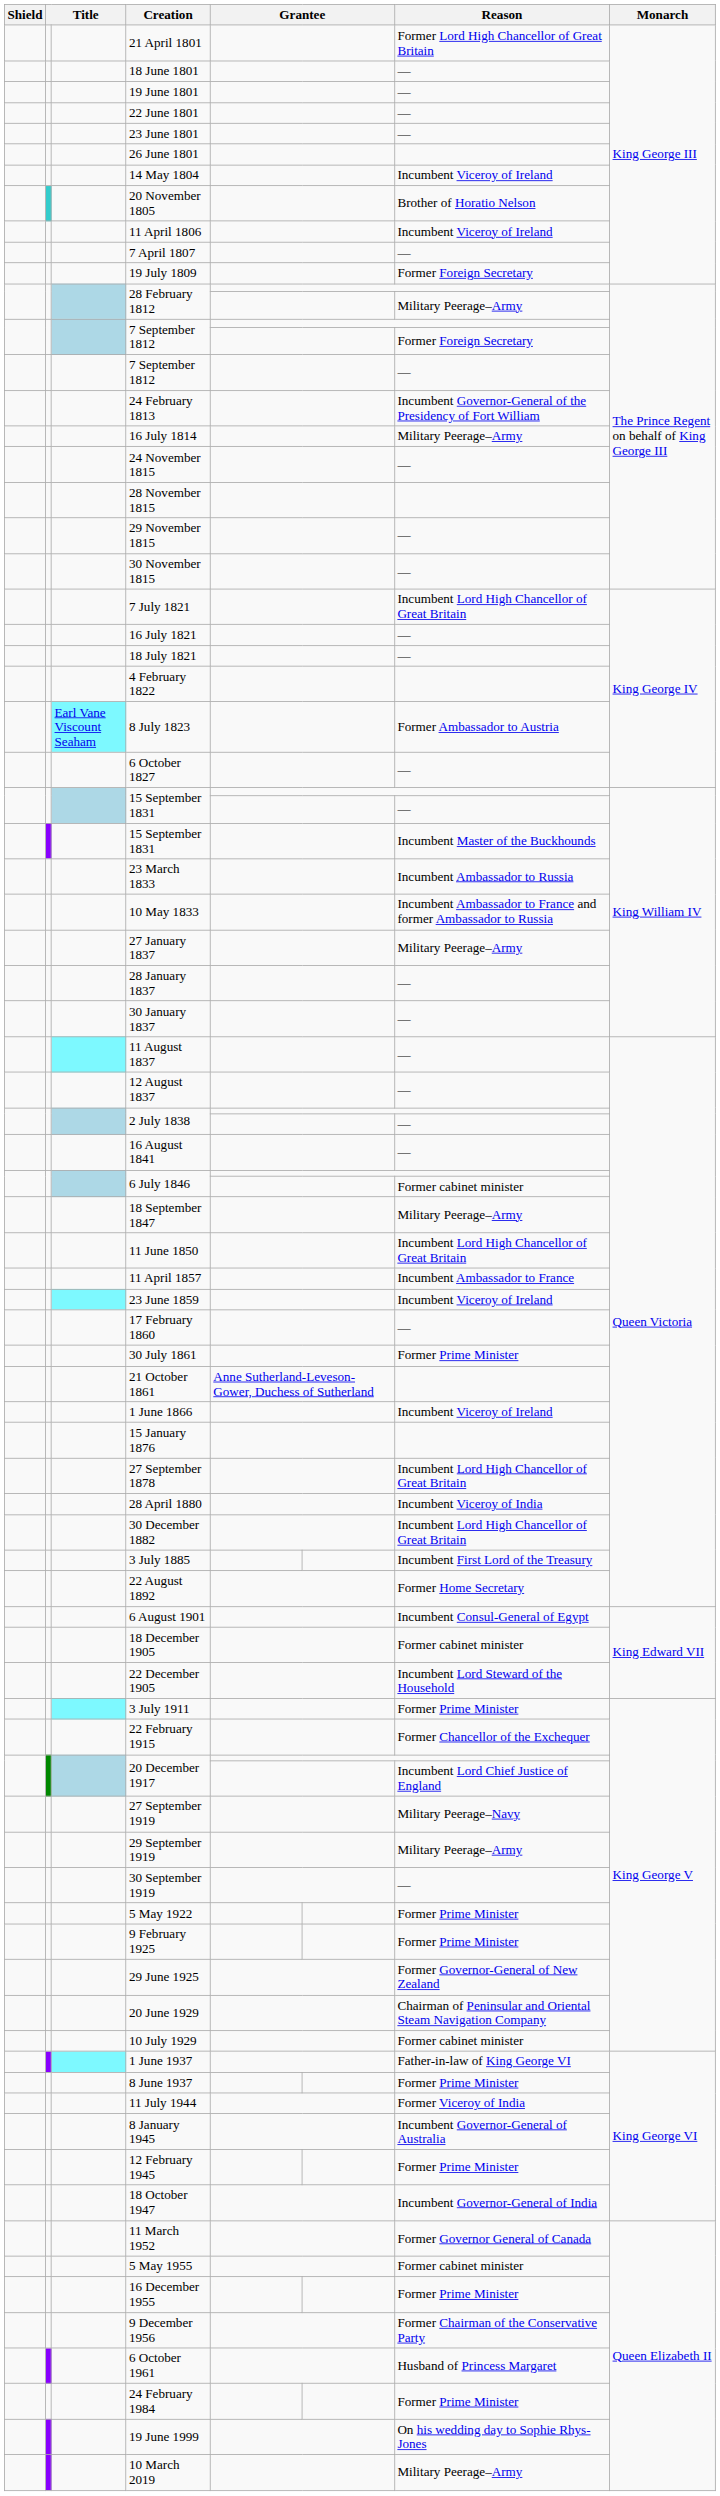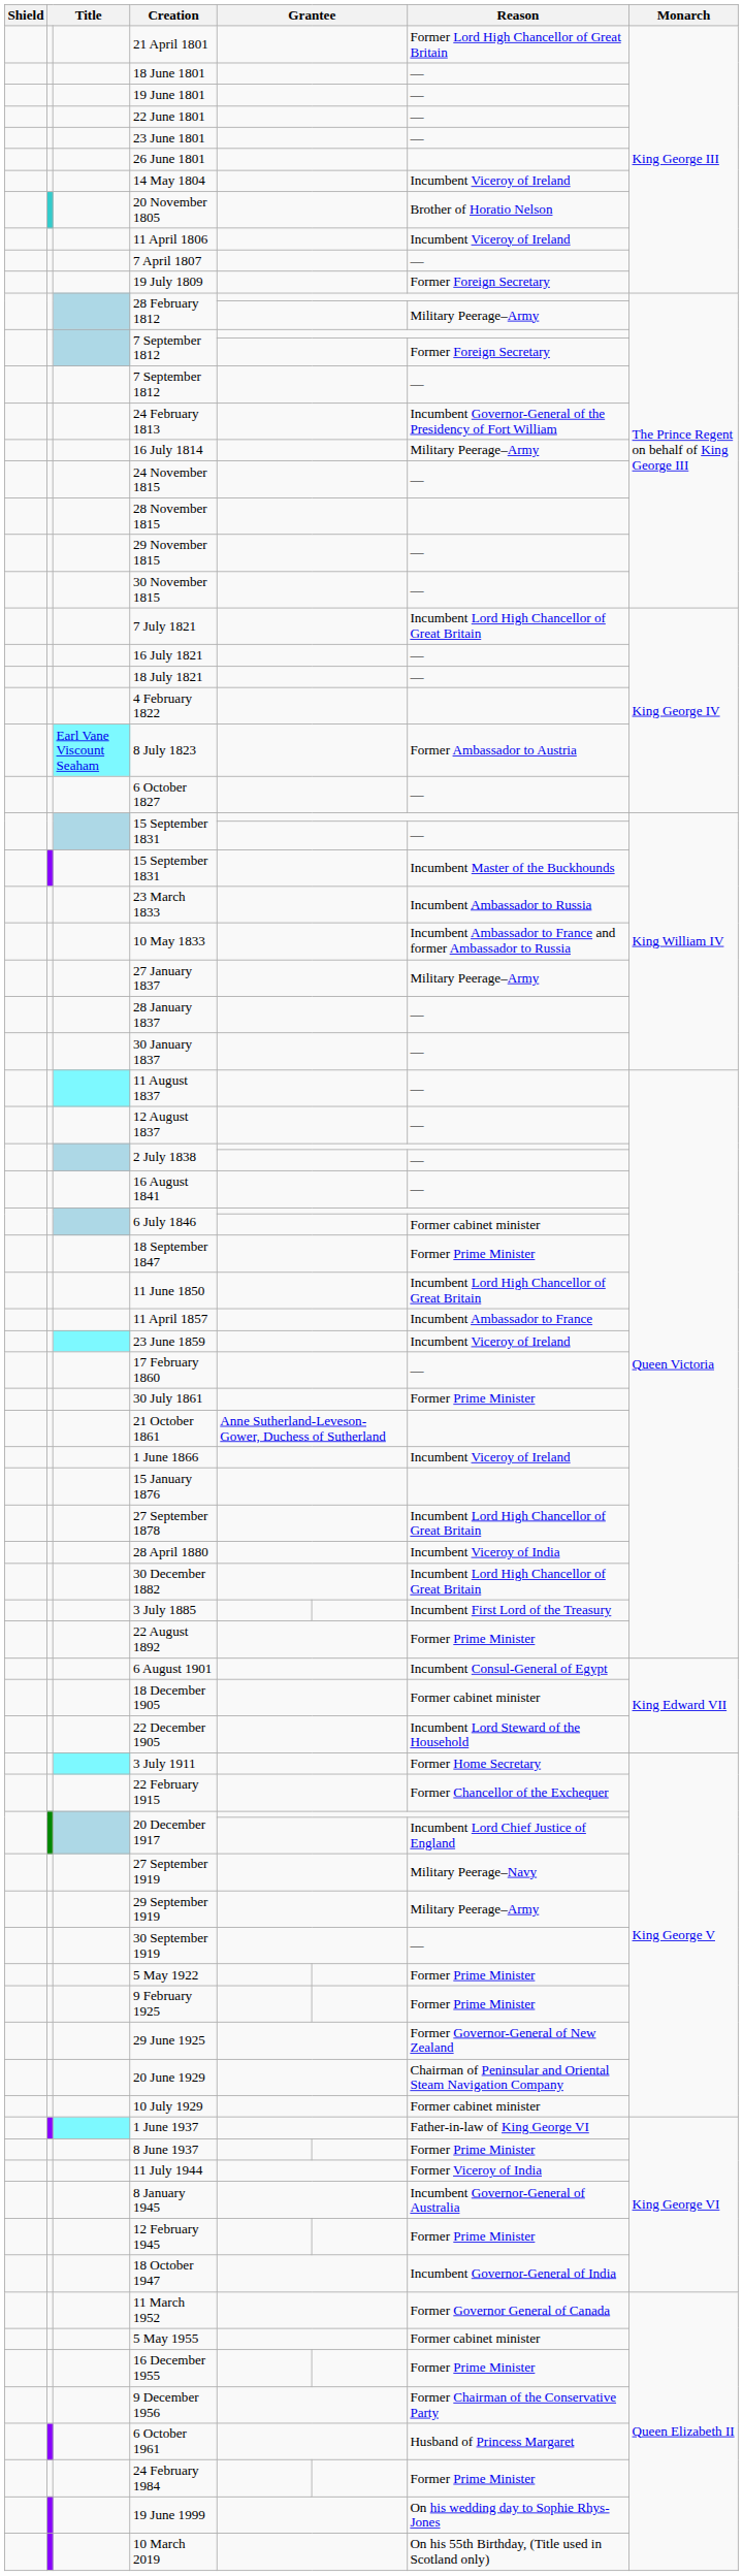 <table class="wikitable sortable">
 <tr>
 <th>Shield</th>
 <th colspan=2>Title</th>
 <th>Creation</th>
 <th colspan=2>Grantee</th>
 <th>Reason</th>
 <th>Monarch</th>
 </tr>
 <tr>
 <td align=center><br></td>
 <td style="background-color:"></td>
 <td></td>
 <td>21 April 1801</td>
 <td colspan=2></td>
 <td>Former <a href='#'>Lord High Chancellor of Great Britain</a></td>
 <td rowspan=11><a href='#'>King George III</a></td>
 </tr>
 <tr>
 <td align=center><br></td>
 <td style="background-color:"></td>
 <td></td>
 <td>18 June 1801</td>
 <td colspan=2></td>
 <td>—</td>
 </tr>
 <tr>
 <td align=center><br></td>
 <td style="background-color:"></td>
 <td></td>
 <td>19 June 1801</td>
 <td colspan=2></td>
 <td>—</td>
 </tr>
 <tr>
 <td align=center><br></td>
 <td style="background-color:"></td>
 <td></td>
 <td>22 June 1801</td>
 <td colspan=2></td>
 <td>—</td>
 </tr>
 <tr>
 <td align=center><br></td>
 <td style="background-color:"></td>
 <td></td>
 <td>23 June 1801</td>
 <td colspan=2></td>
 <td>—</td>
 </tr>
 <tr>
 <td align=center><br></td>
 <td style="background-color:"></td>
 <td></td>
 <td>26 June 1801</td>
 <td colspan=2></td>
 <td></td>
 </tr>
 <tr>
 <td align=center><br></td>
 <td style="background-color:"></td>
 <td></td>
 <td>14 May 1804</td>
 <td colspan=2></td>
 <td>Incumbent <a href='#'>Viceroy of Ireland</a></td>
 </tr>
 <tr>
 <td align=center><br></td>
 <td style="background-color:#33CCCC"></td>
 <td data-sort-value="Earl of Nelson"></td>
 <td>20 November 1805</td>
 <td colspan=2></td>
 <td>Brother of <a href='#'>Horatio Nelson</a></td>
 </tr>
 <tr>
 <td align=center><br></td>
 <td style="background-color:"></td>
 <td data-sort-value="Earl of Grey"></td>
 <td>11 April 1806</td>
 <td colspan=2></td>
 <td>Incumbent <a href='#'>Viceroy of Ireland</a></td>
 </tr>
 <tr>
 <td align=center><br></td>
 <td style="background-color:"></td>
 <td></td>
 <td>7 April 1807</td>
 <td colspan=2></td>
 <td>—</td>
 </tr>
 <tr>
 <td align=center><br></td>
 <td style="background-color:"></td>
 <td></td>
 <td>19 July 1809</td>
 <td colspan=2></td>
 <td>Former <a href='#'>Foreign Secretary</a></td>
 </tr>
 <tr>
 <td rowspan=2 align=center></td>
 <td rowspan=2 style="background-color:"></td>
 <td style="background:#ADD8E6" rowspan=2></td>
 <td rowspan=2>28 February 1812</td>
 <td colspan=3></td>
 <td rowspan=11><a href='#'>The Prince Regent</a><br>on behalf of <a href='#'>King George III</a></td>
 </tr>
 <tr>
 <td colspan=2></td>
 <td>Military Peerage–<a href='#'>Army</a></td>
 </tr>
 <tr>
 <td rowspan=2 align=center></td>
 <td rowspan=2 style="background-color:"></td>
 <td style="background:#ADD8E6" rowspan=2></td>
 <td rowspan=2>7 September 1812</td>
 <td colspan=3></td>
 </tr>
 <tr>
 <td colspan=2></td>
 <td>Former <a href='#'>Foreign Secretary</a></td>
 </tr>
 <tr>
 <td align=center><br></td>
 <td style="background-color:"></td>
 <td></td>
 <td>7 September 1812</td>
 <td colspan=2></td>
 <td>—</td>
 </tr>
 <tr>
 <td align=center><br></td>
 <td style="background-color:"></td>
 <td></td>
 <td>24 February 1813</td>
 <td colspan=2></td>
 <td>Incumbent <a href='#'>Governor-General of the Presidency of Fort William</a></td>
 </tr>
 <tr>
 <td align=center><br></td>
 <td style="background-color:"></td>
 <td data-sort-value="Earl of Cathcart"></td>
 <td>16 July 1814</td>
 <td colspan=2></td>
 <td>Military Peerage–<a href='#'>Army</a></td>
 </tr>
 <tr>
 <td align=center><br></td>
 <td style="background-color:"></td>
 <td></td>
 <td>24 November 1815</td>
 <td colspan=2></td>
 <td>—</td>
 </tr>
 <tr>
 <td align=center><br></td>
 <td style="background-color:"></td>
 <td></td>
 <td>28 November 1815</td>
 <td colspan=2></td>
 <td></td>
 </tr>
 <tr>
 <td align=center><br></td>
 <td style="background-color:"></td>
 <td></td>
 <td>29 November 1815</td>
 <td colspan=2></td>
 <td>—</td>
 </tr>
 <tr>
 <td align=center><br></td>
 <td style="background-color:"></td>
 <td></td>
 <td>30 November 1815</td>
 <td colspan=2></td>
 <td>—</td>
 </tr>
 <tr>
 <td align=center><br></td>
 <td style="background-color:"></td>
 <td></td>
 <td>7 July 1821</td>
 <td colspan=2></td>
 <td>Incumbent <a href='#'>Lord High Chancellor of Great Britain</a></td>
 <td rowspan=6><a href='#'>King George IV</a></td>
 </tr>
 <tr>
 <td align=center><br></td>
 <td style="background-color:"></td>
 <td data-sort-value="Earl of Howe"></td>
 <td>16 July 1821</td>
 <td colspan=2></td>
 <td>—</td>
 </tr>
 <tr>
 <td align=center><br></td>
 <td style="background-color:"></td>
 <td></td>
 <td>18 July 1821</td>
 <td colspan=2></td>
 <td>—</td>
 </tr>
 <tr>
 <td align=center><br></td>
 <td style="background-color:"></td>
 <td></td>
 <td>4 February 1822</td>
 <td colspan=2></td>
 <td></td>
 </tr>
 <tr>
 <td align=center></td>
 <td style="background-color:"></td>
 <td style="background:#7DF9FF"><a href='#'>Earl Vane</a><br><a href='#'>Viscount Seaham</a></td>
 <td>8 July 1823</td>
 <td colspan=2></td>
 <td>Former <a href='#'>Ambassador to Austria</a></td>
 </tr>
 <tr>
 <td align=center><br></td>
 <td style="background-color:"></td>
 <td data-sort-value="Earl of Cawdor"></td>
 <td>6 October 1827</td>
 <td colspan=2></td>
 <td>—</td>
 </tr>
 <tr>
 <td rowspan=2 align=center></td>
 <td rowspan=2 style="background-color:"></td>
 <td style="background:#ADD8E6" rowspan=2></td>
 <td rowspan=2>15 September 1831</td>
 <td colspan=3></td>
 <td rowspan=8><a href='#'>King William IV</a></td>
 </tr>
 <tr>
 <td colspan=2></td>
 <td>—</td>
 </tr>
 <tr>
 <td align=center><br></td>
 <td style="background-color:#8800FF"></td>
 <td></td>
 <td>15 September 1831</td>
 <td colspan=2></td>
 <td>Incumbent <a href='#'>Master of the Buckhounds</a></td>
 </tr>
 <tr>
 <td align=center><br></td>
 <td style="background-color:"></td>
 <td></td>
 <td>23 March 1833</td>
 <td colspan=2></td>
 <td>Incumbent <a href='#'>Ambassador to Russia</a></td>
 </tr>
 <tr>
 <td align=center><br></td>
 <td style="background-color:"></td>
 <td data-sort-value="Earl of Granville"></td>
 <td>10 May 1833</td>
 <td colspan=2></td>
 <td>Incumbent <a href='#'>Ambassador to France</a> and former <a href='#'>Ambassador to Russia</a></td>
 </tr>
 <tr>
 <td align=center><br></td>
 <td style="background-color:"></td>
 <td></td>
 <td>27 January 1837</td>
 <td colspan=2></td>
 <td>Military Peerage–<a href='#'>Army</a></td>
 </tr>
 <tr>
 <td align=center><br></td>
 <td style="background-color:"></td>
 <td></td>
 <td>28 January 1837</td>
 <td colspan=2></td>
 <td>—</td>
 </tr>
 <tr>
 <td align=center><br></td>
 <td style="background-color:"></td>
 <td></td>
 <td>30 January 1837</td>
 <td colspan=2></td>
 <td>—</td>
 </tr>
 <tr>
 <td align=center></td>
 <td style="background-color:"></td>
 <td style="background:#7DF9FF"data-sort-value="Earl of Innes"></td>
 <td>11 August 1837</td>
 <td colspan=2></td>
 <td>—</td>
 <td rowspan=21><a href='#'>Queen Victoria</a></td>
 </tr>
 <tr>
 <td align=center><br></td>
 <td style="background-color:"></td>
 <td></td>
 <td>12 August 1837</td>
 <td colspan=2></td>
 <td>—</td>
 </tr>
 <tr>
 <td rowspan=2 align=center></td>
 <td rowspan=2 style="background-color:"></td>
 <td style="background:#ADD8E6" rowspan=2></td>
 <td rowspan=2>2 July 1838</td>
 <td colspan=3></td>
 </tr>
 <tr>
 <td colspan=2></td>
 <td>—</td>
 </tr>
 <tr>
 <td align=center><br></td>
 <td style="background-color:"></td>
 <td></td>
 <td>16 August 1841</td>
 <td colspan=2></td>
 <td>—</td>
 </tr>
 <tr>
 <td rowspan=2 align=center></td>
 <td rowspan=2 style="background-color:"></td>
 <td style="background:#ADD8E6" rowspan=2></td>
 <td rowspan=2>6 July 1846</td>
 <td colspan=3></td>
 </tr>
 <tr>
 <td colspan=2></td>
 <td>Former cabinet minister</td>
 </tr>
 <tr>
 <td align=center><br></td>
 <td style="background-color:"></td>
 <td></td>
 <td>18 September 1847</td>
 <td colspan=2></td>
-<td>Military Peerage–<a href='#'>Army</a></td>
+<td>Former <a href='#'>Prime Minister</a></td>
 </tr>
 <tr>
 <td align=center><br></td>
 <td style="background-color:"></td>
 <td></td>
 <td>11 June 1850</td>
 <td colspan=2></td>
 <td>Incumbent <a href='#'>Lord High Chancellor of Great Britain</a></td>
 </tr>
 <tr>
 <td align=center><br></td>
 <td style="background-color:"></td>
 <td data-sort-value="Earl of Cowley"></td>
 <td>11 April 1857</td>
 <td colspan=2></td>
 <td>Incumbent <a href='#'>Ambassador to France</a></td>
 </tr>
 <tr>
 <td align=center><br></td>
 <td style="background-color:"></td>
 <td style="background:#7DF9FF"></td>
 <td>23 June 1859</td>
 <td colspan=2></td>
 <td>Incumbent <a href='#'>Viceroy of Ireland</a></td>
 </tr>
 <tr>
 <td align=center><br></td>
 <td style="background-color:"></td>
 <td></td>
 <td>17 February 1860</td>
 <td colspan=2></td>
 <td>—</td>
 </tr>
 <tr>
 <td align=center><br></td>
 <td style="background-color:"></td>
 <td></td>
 <td>30 July 1861</td>
 <td colspan=2></td>
 <td>Former <a href='#'>Prime Minister</a></td>
 </tr>
 <tr>
 <td align=center><br></td>
 <td style="background-color:"></td>
 <td></td>
 <td>21 October 1861</td>
 <td colspan=2><a href='#'>Anne Sutherland-Leveson-Gower, Duchess of Sutherland</a></td>
 <td></td>
 </tr>
 <tr>
 <td align=center><br></td>
 <td style="background-color:"></td>
 <td></td>
 <td>1 June 1866</td>
 <td colspan=2></td>
 <td>Incumbent <a href='#'>Viceroy of Ireland</a></td>
 </tr>
 <tr>
 <td align=center><br></td>
 <td style="background-color:"></td>
 <td></td>
 <td>15 January 1876</td>
 <td colspan=2></td>
 <td></td>
 </tr>
 <tr>
 <td align=center><br></td>
 <td style="background-color:"></td>
 <td data-sort-value="Earl of Cairns"></td>
 <td>27 September 1878</td>
 <td colspan=2></td>
 <td>Incumbent <a href='#'>Lord High Chancellor of Great Britain</a></td>
 </tr>
 <tr>
 <td align=center><br></td>
 <td style="background-color:"></td>
 <td></td>
 <td>28 April 1880</td>
 <td colspan=2></td>
 <td>Incumbent <a href='#'>Viceroy of India</a></td>
 </tr>
 <tr>
 <td align=center><br></td>
 <td style="background-color:"></td>
 <td></td>
 <td>30 December 1882</td>
 <td colspan=2></td>
 <td>Incumbent <a href='#'>Lord High Chancellor of Great Britain</a></td>
 </tr>
 <tr>
 <td align=center><br></td>
 <td style="background-color:"></td>
 <td></td>
 <td>3 July 1885</td>
 <td style="background: "></td>
 <td></td>
 <td>Incumbent <a href='#'>First Lord of the Treasury</a></td>
 </tr>
 <tr>
 <td align=center><br></td>
 <td style="background-color:"></td>
 <td></td>
 <td>22 August 1892</td>
 <td colspan=2></td>
-<td>Former <a href='#'>Home Secretary</a></td>
+<td>Former <a href='#'>Prime Minister</a></td>
 </tr>
 <tr>
 <td align=center><br></td>
 <td style="background-color:"></td>
 <td></td>
 <td>6 August 1901</td>
 <td colspan=2></td>
 <td>Incumbent <a href='#'>Consul-General of Egypt</a></td>
 <td rowspan=3><a href='#'>King Edward VII</a></td>
 </tr>
 <tr>
 <td align=center><br></td>
 <td style="background-color:"></td>
 <td></td>
 <td>18 December 1905</td>
 <td colspan=2></td>
 <td>Former cabinet minister</td>
 </tr>
 <tr>
 <td align=center><br></td>
 <td style="background-color:"></td>
 <td></td>
 <td>22 December 1905</td>
 <td colspan=2></td>
 <td>Incumbent <a href='#'>Lord Steward of the Household</a></td>
 </tr>
 <tr>
 <td align=center><br></td>
 <td style="background-color:"></td>
 <td style="background:#7DF9FF"></td>
 <td>3 July 1911</td>
 <td colspan=2></td>
-<td>Former <a href='#'>Prime Minister</a></td>
+<td>Former <a href='#'>Home Secretary</a></td>
 <td rowspan=12><a href='#'>King George V</a></td>
 </tr>
 <tr>
 <td align=center><br></td>
 <td style="background-color:"></td>
 <td></td>
 <td>22 February 1915</td>
 <td colspan=2></td>
 <td>Former <a href='#'>Chancellor of the Exchequer</a></td>
 </tr>
 <tr>
 <td rowspan=2 align=center></td>
 <td rowspan=2 style="background-color:#008800"></td>
 <td style="background:#ADD8E6" rowspan=2></td>
 <td rowspan=2>20 December 1917</td>
 <td colspan=3></td>
 </tr>
 <tr>
 <td colspan=2></td>
 <td>Incumbent <a href='#'>Lord Chief Justice of England</a></td>
 </tr>
 <tr>
 <td align=center><br></td>
 <td style="background-color:"></td>
 <td data-sort-value="Earl of Beatty"></td>
 <td>27 September 1919</td>
 <td colspan=2></td>
 <td>Military Peerage–<a href='#'>Navy</a></td>
 </tr>
 <tr>
 <td align=center><br></td>
 <td style="background-color:"></td>
 <td data-sort-value="Earl of Haig"></td>
 <td>29 September 1919</td>
 <td colspan=2></td>
 <td>Military Peerage–<a href='#'>Army</a></td>
 </tr>
 <tr>
 <td align=center><br></td>
 <td style="background-color:"></td>
 <td></td>
 <td>30 September 1919</td>
 <td colspan=2></td>
 <td>—</td>
 </tr>
 <tr>
 <td align=center><br></td>
 <td style="background-color:"></td>
 <td></td>
 <td>5 May 1922</td>
 <td style="background: "></td>
 <td></td>
 <td>Former <a href='#'>Prime Minister</a></td>
 </tr>
 <tr>
 <td align=center><br></td>
 <td style="background-color:"></td>
 <td></td>
 <td>9 February 1925</td>
 <td style="background: "></td>
 <td></td>
 <td>Former <a href='#'>Prime Minister</a></td>
 </tr>
 <tr>
 <td align=center><br></td>
 <td style="background-color:"></td>
 <td data-sort-value="Earl of Jellicoe"></td>
 <td>29 June 1925</td>
 <td colspan=2></td>
 <td>Former <a href='#'>Governor-General of New Zealand</a></td>
 </tr>
 <tr>
 <td align=center><br></td>
 <td style="background-color:"></td>
 <td></td>
 <td>20 June 1929</td>
 <td colspan=2></td>
 <td>Chairman of <a href='#'>Peninsular and Oriental Steam Navigation Company</a></td>
 </tr>
 <tr>
 <td align=center><br></td>
 <td style="background-color:"></td>
 <td></td>
 <td>10 July 1929</td>
 <td colspan=2></td>
 <td>Former cabinet minister</td>
 </tr>
 <tr>
 <td align=center><br></td>
 <td style="background-color:#8800FF"></td>
 <td style="background:#7DF9FF"></td>
 <td>1 June 1937</td>
 <td colspan=2></td>
 <td>Father-in-law of <a href='#'>King George VI</a></td>
 <td rowspan=6><a href='#'>King George VI</a></td>
 </tr>
 <tr>
 <td align=center><br></td>
 <td style="background-color:"></td>
 <td data-sort-value="Earl of Baldwin of Bewdley"></td>
 <td>8 June 1937</td>
 <td style="background: "></td>
 <td></td>
 <td>Former <a href='#'>Prime Minister</a></td>
 </tr>
 <tr>
 <td align=center><br></td>
 <td style="background-color:"></td>
 <td></td>
 <td>11 July 1944</td>
 <td colspan=2></td>
 <td>Former <a href='#'>Viceroy of India</a></td>
 </tr>
 <tr>
 <td align=center><br></td>
 <td style="background-color:"></td>
 <td></td>
 <td>8 January 1945</td>
 <td colspan=2></td>
 <td>Incumbent <a href='#'>Governor-General of Australia</a></td>
 </tr>
 <tr>
 <td align=center><br></td>
 <td style="background-color:"></td>
 <td data-sort-value="Earl of Lloyd-George of Dwyfor"></td>
 <td>12 February 1945</td>
 <td style="background: "></td>
 <td></td>
 <td>Former <a href='#'>Prime Minister</a></td>
 </tr>
 <tr>
 <td align=center><br></td>
 <td style="background-color:"></td>
 <td data-sort-value="Earl of Mountbatten of Burma"></td>
 <td>18 October 1947</td>
 <td colspan=2></td>
 <td>Incumbent <a href='#'>Governor-General of India</a></td>
 </tr>
 <tr>
 <td align=center><br></td>
 <td style="background-color:"></td>
 <td data-sort-value="Earl of Alexander of Tunis"></td>
 <td>11 March 1952</td>
 <td colspan=2></td>
 <td>Former <a href='#'>Governor General of Canada</a></td>
 <td rowspan=8><a href='#'>Queen Elizabeth II</a></td>
 </tr>
 <tr>
 <td align=center><br></td>
 <td style="background-color:"></td>
 <td></td>
 <td>5 May 1955</td>
 <td colspan=2></td>
 <td>Former cabinet minister</td>
 </tr>
 <tr>
 <td align=center><br></td>
 <td style="background-color:"></td>
 <td data-sort-value="Earl of Attlee"></td>
 <td>16 December 1955</td>
 <td style="background: "></td>
 <td></td>
 <td>Former <a href='#'>Prime Minister</a></td>
 </tr>
 <tr>
 <td align=center><br></td>
 <td style="background-color:"></td>
 <td></td>
 <td>9 December 1956</td>
 <td colspan=2></td>
 <td>Former <a href='#'>Chairman of the Conservative Party</a></td>
 </tr>
 <tr>
 <td align=center><br></td>
 <td style="background-color:#8800FF"></td>
 <td></td>
 <td>6 October 1961</td>
 <td colspan=2></td>
 <td>Husband of <a href='#'>Princess Margaret</a></td>
 </tr>
 <tr>
 <td align=center><br></td>
 <td style="background-color:"></td>
 <td></td>
 <td>24 February 1984</td>
 <td style="background: "></td>
 <td></td>
 <td>Former <a href='#'>Prime Minister</a></td>
 </tr>
 <tr>
 <td align=center></td>
 <td style="background-color:#8800FF"></td>
 <td></td>
 <td>19 June 1999</td>
 <td colspan=2></td>
 <td>On <a href='#'>his wedding day to Sophie Rhys-Jones</a></td>
 </tr>
 <tr>
 <td align=center></td>
 <td style="background-color:#8800FF"></td>
 <td></td>
 <td>10 March 2019</td>
 <td colspan=2></td>
-<td>Military Peerage–<a href='#'>Army</a></td>
+<td>On his 55th Birthday, (Title used in Scotland only)</td>
 </tr>
 </table>
